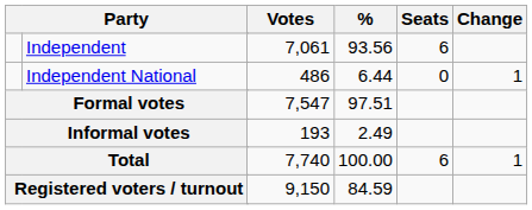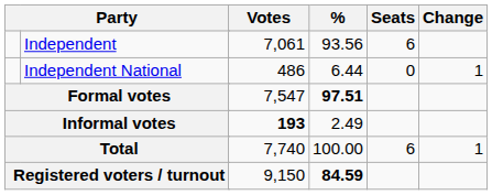 <table class="wikitable" style="text-align:right; margin-bottom:0">
 <tr>
 <th style="width:10px" colspan=3>Party</th>
 <th style="width:70px;">Votes</th>
 <th style="width:40px;">%</th>
 <th style="width:40px;">Seats</th>
 <th style="width:40px;">Change</th>
 </tr>
 <tr>
 <td> </td>
 <td style="text-align:left;" colspan="2"><a href='#'>Independent</a></td>
 <td>7,061</td>
 <td>93.56</td>
 <td>6</td>
 <td></td>
 </tr>
 <tr>
 <td> </td>
 <td style="text-align:left;" colspan="2"><a href='#'>Independent National</a></td>
 <td>486</td>
 <td>6.44</td>
 <td>0</td>
 <td> 1</td>
 </tr>
 <tr>
 <th colspan="3" rowspan="1"> Formal votes</th>
 <td>7,547</td>
-<td>97.51</td>
+<td><strong>97.51</strong></td>
 <td></td>
 <td></td>
 </tr>
 <tr>
 <th colspan="3" rowspan="1"> Informal votes</th>
-<td>193</td>
+<td><strong>193</strong></td>
 <td>2.49</td>
 <td></td>
 <td></td>
 </tr>
 <tr>
 <th colspan="3" rowspan="1"> Total</th>
 <td>7,740</td>
 <td>100.00</td>
 <td>6</td>
 <td> 1</td>
 </tr>
 <tr>
 <th colspan="3" rowspan="1"> Registered voters / turnout</th>
 <td>9,150</td>
-<td>84.59</td>
+<td><strong>84.59</strong></td>
 <td></td>
 <td></td>
 </tr>
 </table>
